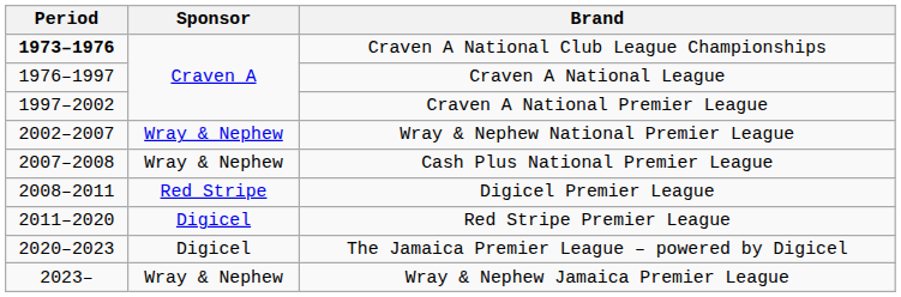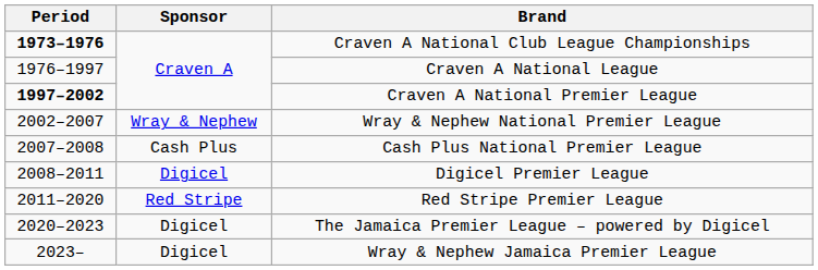 <table class="wikitable" style="font-size:95%; text-align: center; width:70%;">
 <tr>
 <th>Period</th>
 <th>Sponsor</th>
 <th>Brand</th>
 </tr>
 <tr>
 <td style="text-align:center;"><strong>1973–1976</strong></td>
 <td rowspan="3" style="text-align:center;"><a href='#'>Craven A</a></td>
 <td style="text-align:center;">Craven A National Club League Championships</td>
 </tr>
 <tr>
 <td style="text-align:center;">1976–1997</td>
 <td style="text-align:center;">Craven A National League</td>
 </tr>
 <tr>
-<td style="text-align:center;">1997–2002</td>
+<td style="text-align:center;"><strong>1997–2002</strong></td>
 <td style="text-align:center;">Craven A National Premier League</td>
 </tr>
 <tr>
 <td style="text-align:center;">2002–2007</td>
 <td style="text-align:center;"><a href='#'>Wray & Nephew</a></td>
 <td style="text-align:center;">Wray & Nephew National Premier League</td>
 </tr>
 <tr>
 <td style="text-align:center;">2007–2008</td>
-<td style="text-align:center;">Wray & Nephew</td>
+<td style="text-align:center;">Cash Plus</td>
 <td style="text-align:center;">Cash Plus National Premier League</td>
 </tr>
 <tr>
 <td style="text-align:center;">2008–2011</td>
-<td style="text-align:center;"><a href='#'>Red Stripe</a></td>
+<td style="text-align:center;"><a href='#'>Digicel</a></td>
 <td style="text-align:center;">Digicel Premier League</td>
 </tr>
 <tr>
 <td style="text-align:center;">2011–2020</td>
-<td style="text-align:center;"><a href='#'>Digicel</a></td>
+<td style="text-align:center;"><a href='#'>Red Stripe</a></td>
 <td style="text-align:center;">Red Stripe Premier League</td>
 </tr>
 <tr>
 <td style="text-align:center;">2020–2023</td>
 <td style="text-align:center;">Digicel</td>
 <td style="text-align:center;">The Jamaica Premier League – powered by Digicel</td>
 </tr>
 <tr>
 <td style="text-align:center;">2023–</td>
-<td style="text-align:center;">Wray & Nephew</td>
+<td style="text-align:center;">Digicel</td>
 <td style="text-align:center;">Wray & Nephew Jamaica Premier League</td>
 </tr>
 </table>
